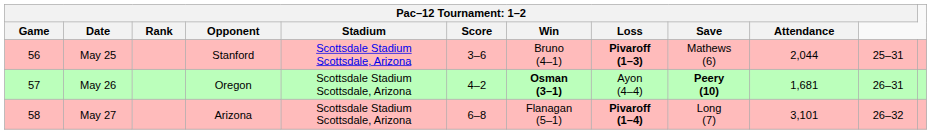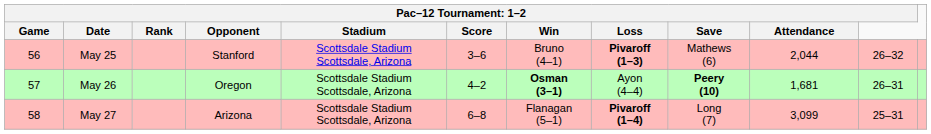 <table class="wikitable collapsible collapsed" style="margin:auto; width:100%; text-align:center; font-size:95%">
 <tr>
 <th colspan=11>Pac–12 Tournament: 1–2</th>
 </tr>
 <tr>
 <th>Game</th>
 <th>Date</th>
 <th>Rank</th>
 <th>Opponent</th>
 <th>Stadium</th>
 <th>Score</th>
 <th>Win</th>
 <th>Loss</th>
 <th>Save</th>
 <th>Attendance</th>
 </tr>
 <tr style="background:#fbb;">
 <td>56</td>
 <td>May 25</td>
 <td></td>
 <td>Stanford</td>
 <td><a href='#'>Scottsdale Stadium</a><br><a href='#'>Scottsdale, Arizona</a></td>
 <td>3–6</td>
 <td>Bruno<br>(4–1)</td>
 <td><strong>Pivaroff<br>(1–3)</strong></td>
 <td>Mathews<br>(6)</td>
 <td>2,044</td>
-<td>25–31</td>
+<td>26–32</td>
 <td></td>
 </tr>
 <tr style="background:#bfb;">
 <td>57</td>
 <td>May 26</td>
 <td></td>
 <td>Oregon</td>
 <td>Scottsdale Stadium<br>Scottsdale, Arizona</td>
 <td>4–2</td>
 <td><strong>Osman<br>(3–1)</strong></td>
 <td>Ayon<br>(4–4)</td>
 <td><strong>Peery<br>(10)</strong></td>
 <td>1,681</td>
 <td>26–31</td>
 <td></td>
 </tr>
 <tr style="background:#fbb;">
 <td>58</td>
 <td>May 27</td>
 <td></td>
 <td>Arizona</td>
 <td>Scottsdale Stadium<br>Scottsdale, Arizona</td>
 <td>6–8</td>
 <td>Flanagan<br>(5–1)</td>
 <td><strong>Pivaroff<br>(1–4)</strong></td>
 <td>Long<br>(7)</td>
-<td>3,101</td>
-<td>26–32</td>
+<td>3,099</td>
+<td>25–31</td>
 <td></td>
 </tr>
 </table>
